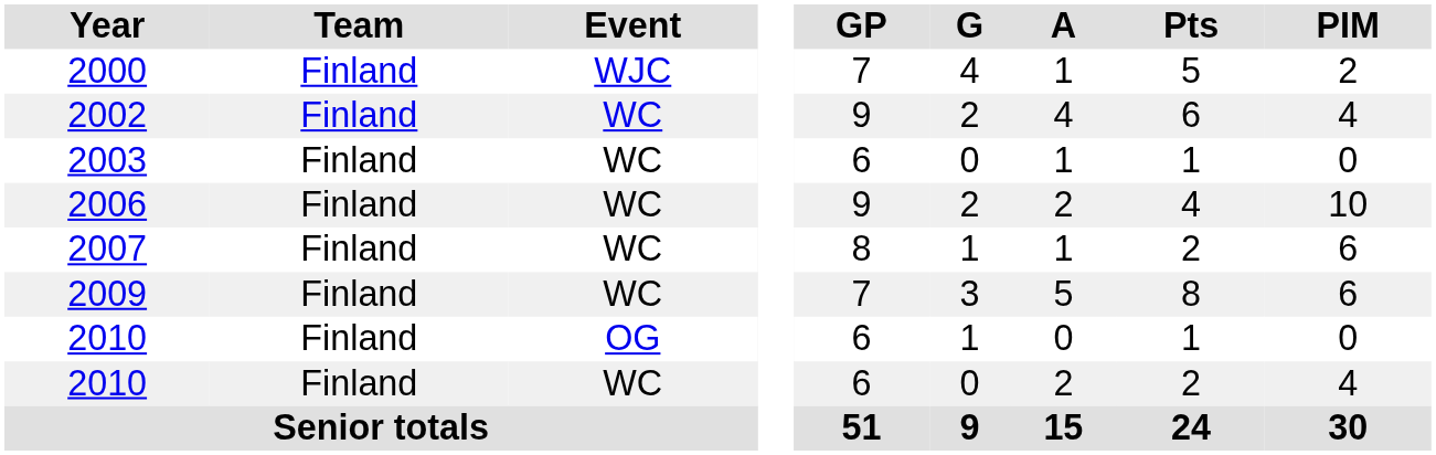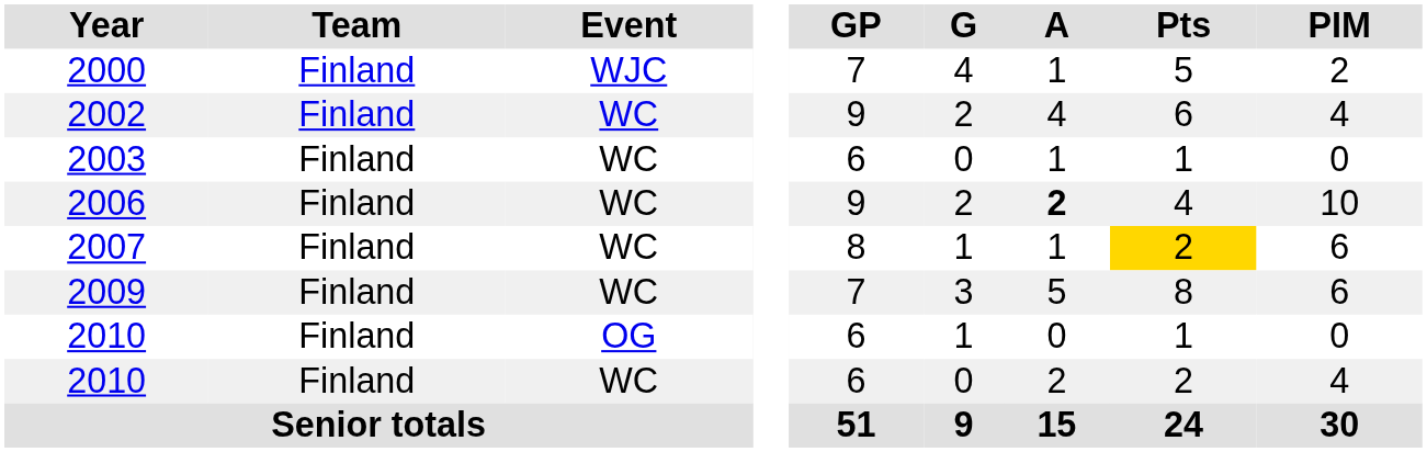 <table border="0" cellpadding="1" cellspacing="0" style="text-align:center; width:40em">
 <tr ALIGN="center" bgcolor="#e0e0e0">
 <th>Year</th>
 <th>Team</th>
 <th>Event</th>
 <th rowspan="99" bgcolor="#ffffff"> </th>
 <th>GP</th>
 <th>G</th>
 <th>A</th>
 <th>Pts</th>
 <th>PIM</th>
 </tr>
 <tr>
 <td><a href='#'>2000</a></td>
 <td><a href='#'>Finland</a></td>
 <td><a href='#'>WJC</a></td>
 <td>7</td>
 <td>4</td>
 <td>1</td>
 <td>5</td>
 <td>2</td>
 </tr>
 <tr bgcolor="#f0f0f0">
 <td><a href='#'>2002</a></td>
 <td><a href='#'>Finland</a></td>
 <td><a href='#'>WC</a></td>
 <td>9</td>
 <td>2</td>
 <td>4</td>
 <td>6</td>
 <td>4</td>
 </tr>
 <tr>
 <td><a href='#'>2003</a></td>
 <td>Finland</td>
 <td>WC</td>
 <td>6</td>
 <td>0</td>
 <td>1</td>
 <td>1</td>
 <td>0</td>
 </tr>
 <tr bgcolor="#f0f0f0">
 <td><a href='#'>2006</a></td>
 <td>Finland</td>
 <td>WC</td>
 <td>9</td>
 <td>2</td>
-<td>2</td>
+<td><strong>2</strong></td>
 <td>4</td>
 <td>10</td>
 </tr>
 <tr>
 <td><a href='#'>2007</a></td>
 <td>Finland</td>
 <td>WC</td>
 <td>8</td>
 <td>1</td>
 <td>1</td>
-<td>2</td>
+<td style="background: gold;">2</td>
 <td>6</td>
 </tr>
 <tr bgcolor="#f0f0f0">
 <td><a href='#'>2009</a></td>
 <td>Finland</td>
 <td>WC</td>
 <td>7</td>
 <td>3</td>
 <td>5</td>
 <td>8</td>
 <td>6</td>
 </tr>
 <tr>
 <td><a href='#'>2010</a></td>
 <td>Finland</td>
 <td><a href='#'>OG</a></td>
 <td>6</td>
 <td>1</td>
 <td>0</td>
 <td>1</td>
 <td>0</td>
 </tr>
 <tr bgcolor="#f0f0f0">
 <td><a href='#'>2010</a></td>
 <td>Finland</td>
 <td>WC</td>
 <td>6</td>
 <td>0</td>
 <td>2</td>
 <td>2</td>
 <td>4</td>
 </tr>
 <tr bgcolor="#e0e0e0">
 <th colspan=3>Senior totals</th>
 <th>51</th>
 <th>9</th>
 <th>15</th>
 <th>24</th>
 <th>30</th>
 </tr>
 </table>
